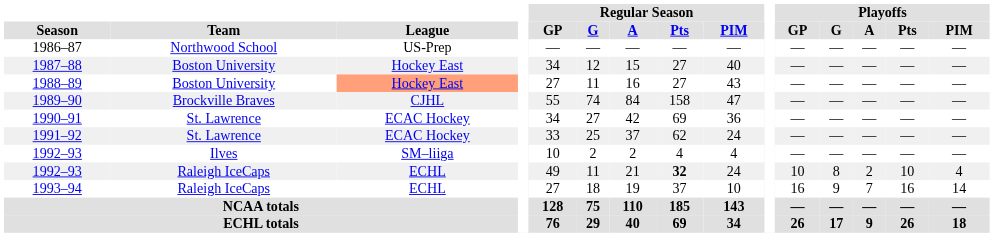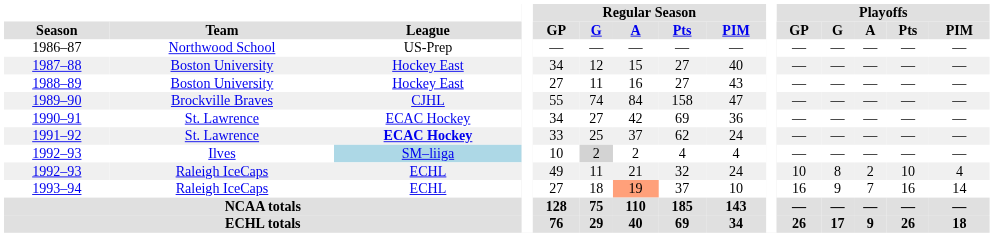 <table border="0" cellpadding="1" cellspacing="0" style="text-align:center; width:70em">
 <tr bgcolor="#e0e0e0">
 <th colspan="3"  bgcolor="#ffffff"> </th>
 <th rowspan="99" bgcolor="#ffffff"> </th>
 <th colspan="5">Regular Season</th>
 <th rowspan="99" bgcolor="#ffffff"> </th>
 <th colspan="5">Playoffs</th>
 </tr>
 <tr bgcolor="#e0e0e0">
 <th>Season</th>
 <th>Team</th>
 <th>League</th>
 <th>GP</th>
 <th><a href='#'>G</a></th>
 <th><a href='#'>A</a></th>
 <th><a href='#'>Pts</a></th>
 <th><a href='#'>PIM</a></th>
 <th>GP</th>
 <th>G</th>
 <th>A</th>
 <th>Pts</th>
 <th>PIM</th>
 </tr>
 <tr>
 <td>1986–87</td>
 <td><a href='#'>Northwood School</a></td>
 <td>US-Prep</td>
 <td>—</td>
 <td>—</td>
 <td>—</td>
 <td>—</td>
 <td>—</td>
 <td>—</td>
 <td>—</td>
 <td>—</td>
 <td>—</td>
 <td>—</td>
 </tr>
 <tr bgcolor="f0f0f0">
 <td><a href='#'>1987–88</a></td>
 <td><a href='#'>Boston University</a></td>
 <td><a href='#'>Hockey East</a></td>
 <td>34</td>
 <td>12</td>
 <td>15</td>
 <td>27</td>
 <td>40</td>
 <td>—</td>
 <td>—</td>
 <td>—</td>
 <td>—</td>
 <td>—</td>
 </tr>
 <tr>
 <td><a href='#'>1988–89</a></td>
 <td><a href='#'>Boston University</a></td>
-<td style="background: lightsalmon;"><a href='#'>Hockey East</a></td>
+<td><a href='#'>Hockey East</a></td>
 <td>27</td>
 <td>11</td>
 <td>16</td>
 <td>27</td>
 <td>43</td>
 <td>—</td>
 <td>—</td>
 <td>—</td>
 <td>—</td>
 <td>—</td>
 </tr>
 <tr bgcolor="f0f0f0">
 <td><a href='#'>1989–90</a></td>
 <td><a href='#'>Brockville Braves</a></td>
 <td><a href='#'>CJHL</a></td>
 <td>55</td>
 <td>74</td>
 <td>84</td>
 <td>158</td>
 <td>47</td>
 <td>—</td>
 <td>—</td>
 <td>—</td>
 <td>—</td>
 <td>—</td>
 </tr>
 <tr>
 <td><a href='#'>1990–91</a></td>
 <td><a href='#'>St. Lawrence</a></td>
 <td><a href='#'>ECAC Hockey</a></td>
 <td>34</td>
 <td>27</td>
 <td>42</td>
 <td>69</td>
 <td>36</td>
 <td>—</td>
 <td>—</td>
 <td>—</td>
 <td>—</td>
 <td>—</td>
 </tr>
 <tr bgcolor="f0f0f0">
 <td><a href='#'>1991–92</a></td>
 <td><a href='#'>St. Lawrence</a></td>
-<td><a href='#'>ECAC Hockey</a></td>
+<td><strong><a href='#'>ECAC Hockey</a></strong></td>
 <td>33</td>
 <td>25</td>
 <td>37</td>
 <td>62</td>
 <td>24</td>
 <td>—</td>
 <td>—</td>
 <td>—</td>
 <td>—</td>
 <td>—</td>
 </tr>
 <tr>
 <td><a href='#'>1992–93</a></td>
 <td><a href='#'>Ilves</a></td>
-<td><a href='#'>SM–liiga</a></td>
+<td style="background: lightblue;"><a href='#'>SM–liiga</a></td>
 <td>10</td>
-<td>2</td>
+<td style="background: lightgrey;">2</td>
 <td>2</td>
 <td>4</td>
 <td>4</td>
 <td>—</td>
 <td>—</td>
 <td>—</td>
 <td>—</td>
 <td>—</td>
 </tr>
 <tr bgcolor="f0f0f0">
 <td><a href='#'>1992–93</a></td>
 <td><a href='#'>Raleigh IceCaps</a></td>
 <td><a href='#'>ECHL</a></td>
 <td>49</td>
 <td>11</td>
 <td>21</td>
-<td><strong>32</strong></td>
+<td>32</td>
 <td>24</td>
 <td>10</td>
 <td>8</td>
 <td>2</td>
 <td>10</td>
 <td>4</td>
 </tr>
 <tr>
 <td><a href='#'>1993–94</a></td>
 <td><a href='#'>Raleigh IceCaps</a></td>
 <td><a href='#'>ECHL</a></td>
 <td>27</td>
 <td>18</td>
-<td>19</td>
+<td style="background: lightsalmon;">19</td>
 <td>37</td>
 <td>10</td>
 <td>16</td>
 <td>9</td>
 <td>7</td>
 <td>16</td>
 <td>14</td>
 </tr>
 <tr bgcolor="#e0e0e0">
 <th colspan="3">NCAA totals</th>
 <th>128</th>
 <th>75</th>
 <th>110</th>
 <th>185</th>
 <th>143</th>
 <th>—</th>
 <th>—</th>
 <th>—</th>
 <th>—</th>
 <th>—</th>
 </tr>
 <tr bgcolor="#e0e0e0">
 <th colspan="3">ECHL totals</th>
 <th>76</th>
 <th>29</th>
 <th>40</th>
 <th>69</th>
 <th>34</th>
 <th>26</th>
 <th>17</th>
 <th>9</th>
 <th>26</th>
 <th>18</th>
 </tr>
 </table>
